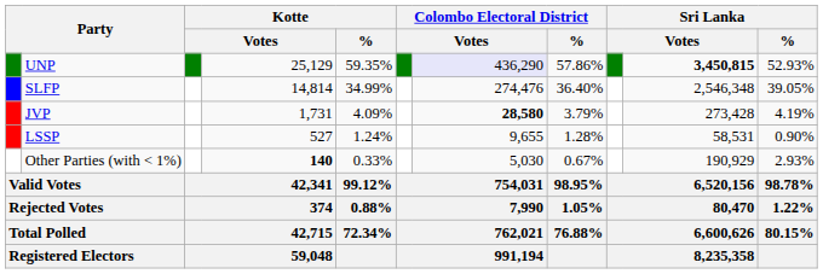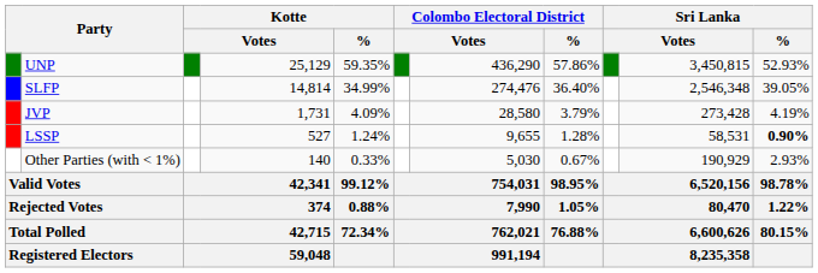 <table class="wikitable">
 <tr>
 <th colspan="2" width="144px"rowspan="2">Party</th>
 <th colspan="3" width="216px">Kotte</th>
 <th colspan="3" width="216px"><a href='#'>Colombo Electoral District</a></th>
 <th colspan="3" width="216px">Sri Lanka</th>
 </tr>
 <tr>
 <th colspan="2" width="144px">Votes</th>
 <th>%</th>
 <th colspan="2" width="144px">Votes</th>
 <th>%</th>
 <th colspan="2" width="144px">Votes</th>
 <th>%</th>
 </tr>
 <tr>
 <td style="background-color:green;" width="10px"></td>
 <td style="text-align:left;"><a href='#'>UNP</a></td>
 <td style="background-color:green;" width="10px"></td>
 <td style="text-align:right;">25,129</td>
 <td style="text-align:right;">59.35%</td>
 <td style="background-color:green;" width="10px"></td>
-<td style="background: lavender; text-align:right;">436,290</td>
+<td style="text-align:right;">436,290</td>
 <td style="text-align:right;">57.86%</td>
 <td style="background-color:green;" width="10px"></td>
-<td style="text-align:right;"><strong>3,450,815</strong></td>
+<td style="text-align:right;">3,450,815</td>
 <td style="text-align:right;">52.93%</td>
 </tr>
 <tr>
 <td style="background-color:blue;" width="10px"></td>
 <td style="text-align:left;"><a href='#'>SLFP</a></td>
 <td style="background-color:white;" width="10px"></td>
 <td style="text-align:right;">14,814</td>
 <td style="text-align:right;">34.99%</td>
 <td style="background-color:white;" width="10px"></td>
 <td style="text-align:right;">274,476</td>
 <td style="text-align:right;">36.40%</td>
 <td style="background-color:white;" width="10px"></td>
 <td style="text-align:right;">2,546,348</td>
 <td style="text-align:right;">39.05%</td>
 </tr>
 <tr>
 <td style="background-color:red;" width="10px"></td>
 <td style="text-align:left;"><a href='#'>JVP</a></td>
 <td style="background-color:white;" width="10px"></td>
 <td style="text-align:right;">1,731</td>
 <td style="text-align:right;">4.09%</td>
 <td style="background-color:white;" width="10px"></td>
-<td style="text-align:right;"><strong>28,580</strong></td>
+<td style="text-align:right;">28,580</td>
 <td style="text-align:right;">3.79%</td>
 <td style="background-color:white;" width="10px"></td>
 <td style="text-align:right;">273,428</td>
 <td style="text-align:right;">4.19%</td>
 </tr>
 <tr>
 <td style="background-color:red;" width="10px"></td>
 <td style="text-align:left;"><a href='#'>LSSP</a></td>
 <td style="background-color:white;" width="10px"></td>
 <td style="text-align:right;">527</td>
 <td style="text-align:right;">1.24%</td>
 <td style="background-color:white;" width="10px"></td>
 <td style="text-align:right;">9,655</td>
 <td style="text-align:right;">1.28%</td>
 <td style="background-color:white;" width="10px"></td>
 <td style="text-align:right;">58,531</td>
-<td style="text-align:right;">0.90%</td>
+<td style="text-align:right;"><strong>0.90%</strong></td>
 </tr>
 <tr>
 <td style="background-color:white;" width="10px"></td>
 <td style="text-align:left;">Other Parties (with < 1%)</td>
 <td style="background-color:white;" width="10px"></td>
-<td style="text-align:right;"><strong>140</strong></td>
+<td style="text-align:right;">140</td>
 <td style="text-align:right;">0.33%</td>
 <td style="background-color:white;" width="10px"></td>
 <td style="text-align:right;">5,030</td>
 <td style="text-align:right;">0.67%</td>
 <td style="background-color:white;" width="10px"></td>
 <td style="text-align:right;">190,929</td>
 <td style="text-align:right;">2.93%</td>
 </tr>
 <tr>
 <th colspan="2" width="144px"style="text-align:left;">Valid Votes</th>
 <th style="text-align:right;"colspan="2" width="144px">42,341</th>
 <th style="text-align:right;">99.12%</th>
 <th style="text-align:right;"colspan="2" width="144px">754,031</th>
 <th style="text-align:right;">98.95%</th>
 <th style="text-align:right;"colspan="2" width="144px">6,520,156</th>
 <th style="text-align:right;">98.78%</th>
 </tr>
 <tr>
 <th colspan="2" width="144px"style="text-align:left;">Rejected Votes</th>
 <th style="text-align:right;"colspan="2" width="144px">374</th>
 <th style="text-align:right;">0.88%</th>
 <th style="text-align:right;"colspan="2" width="144px">7,990</th>
 <th style="text-align:right;">1.05%</th>
 <th style="text-align:right;"colspan="2" width="144px">80,470</th>
 <th style="text-align:right;">1.22%</th>
 </tr>
 <tr>
 <th colspan="2" width="144px"style="text-align:left;">Total Polled</th>
 <th style="text-align:right;"colspan="2" width="144px">42,715</th>
 <th style="text-align:right;">72.34%</th>
 <th style="text-align:right;"colspan="2" width="144px">762,021</th>
 <th style="text-align:right;">76.88%</th>
 <th style="text-align:right;"colspan="2" width="144px">6,600,626</th>
 <th style="text-align:right;">80.15%</th>
 </tr>
 <tr>
 <th colspan="2" width="144px"style="text-align:left;">Registered Electors</th>
 <th style="text-align:right;"colspan="2" width="144px">59,048</th>
 <th></th>
 <th style="text-align:right;"colspan="2" width="144px">991,194</th>
 <th></th>
 <th style="text-align:right;"colspan="2" width="144px">8,235,358</th>
 <th></th>
 </tr>
 </table>
